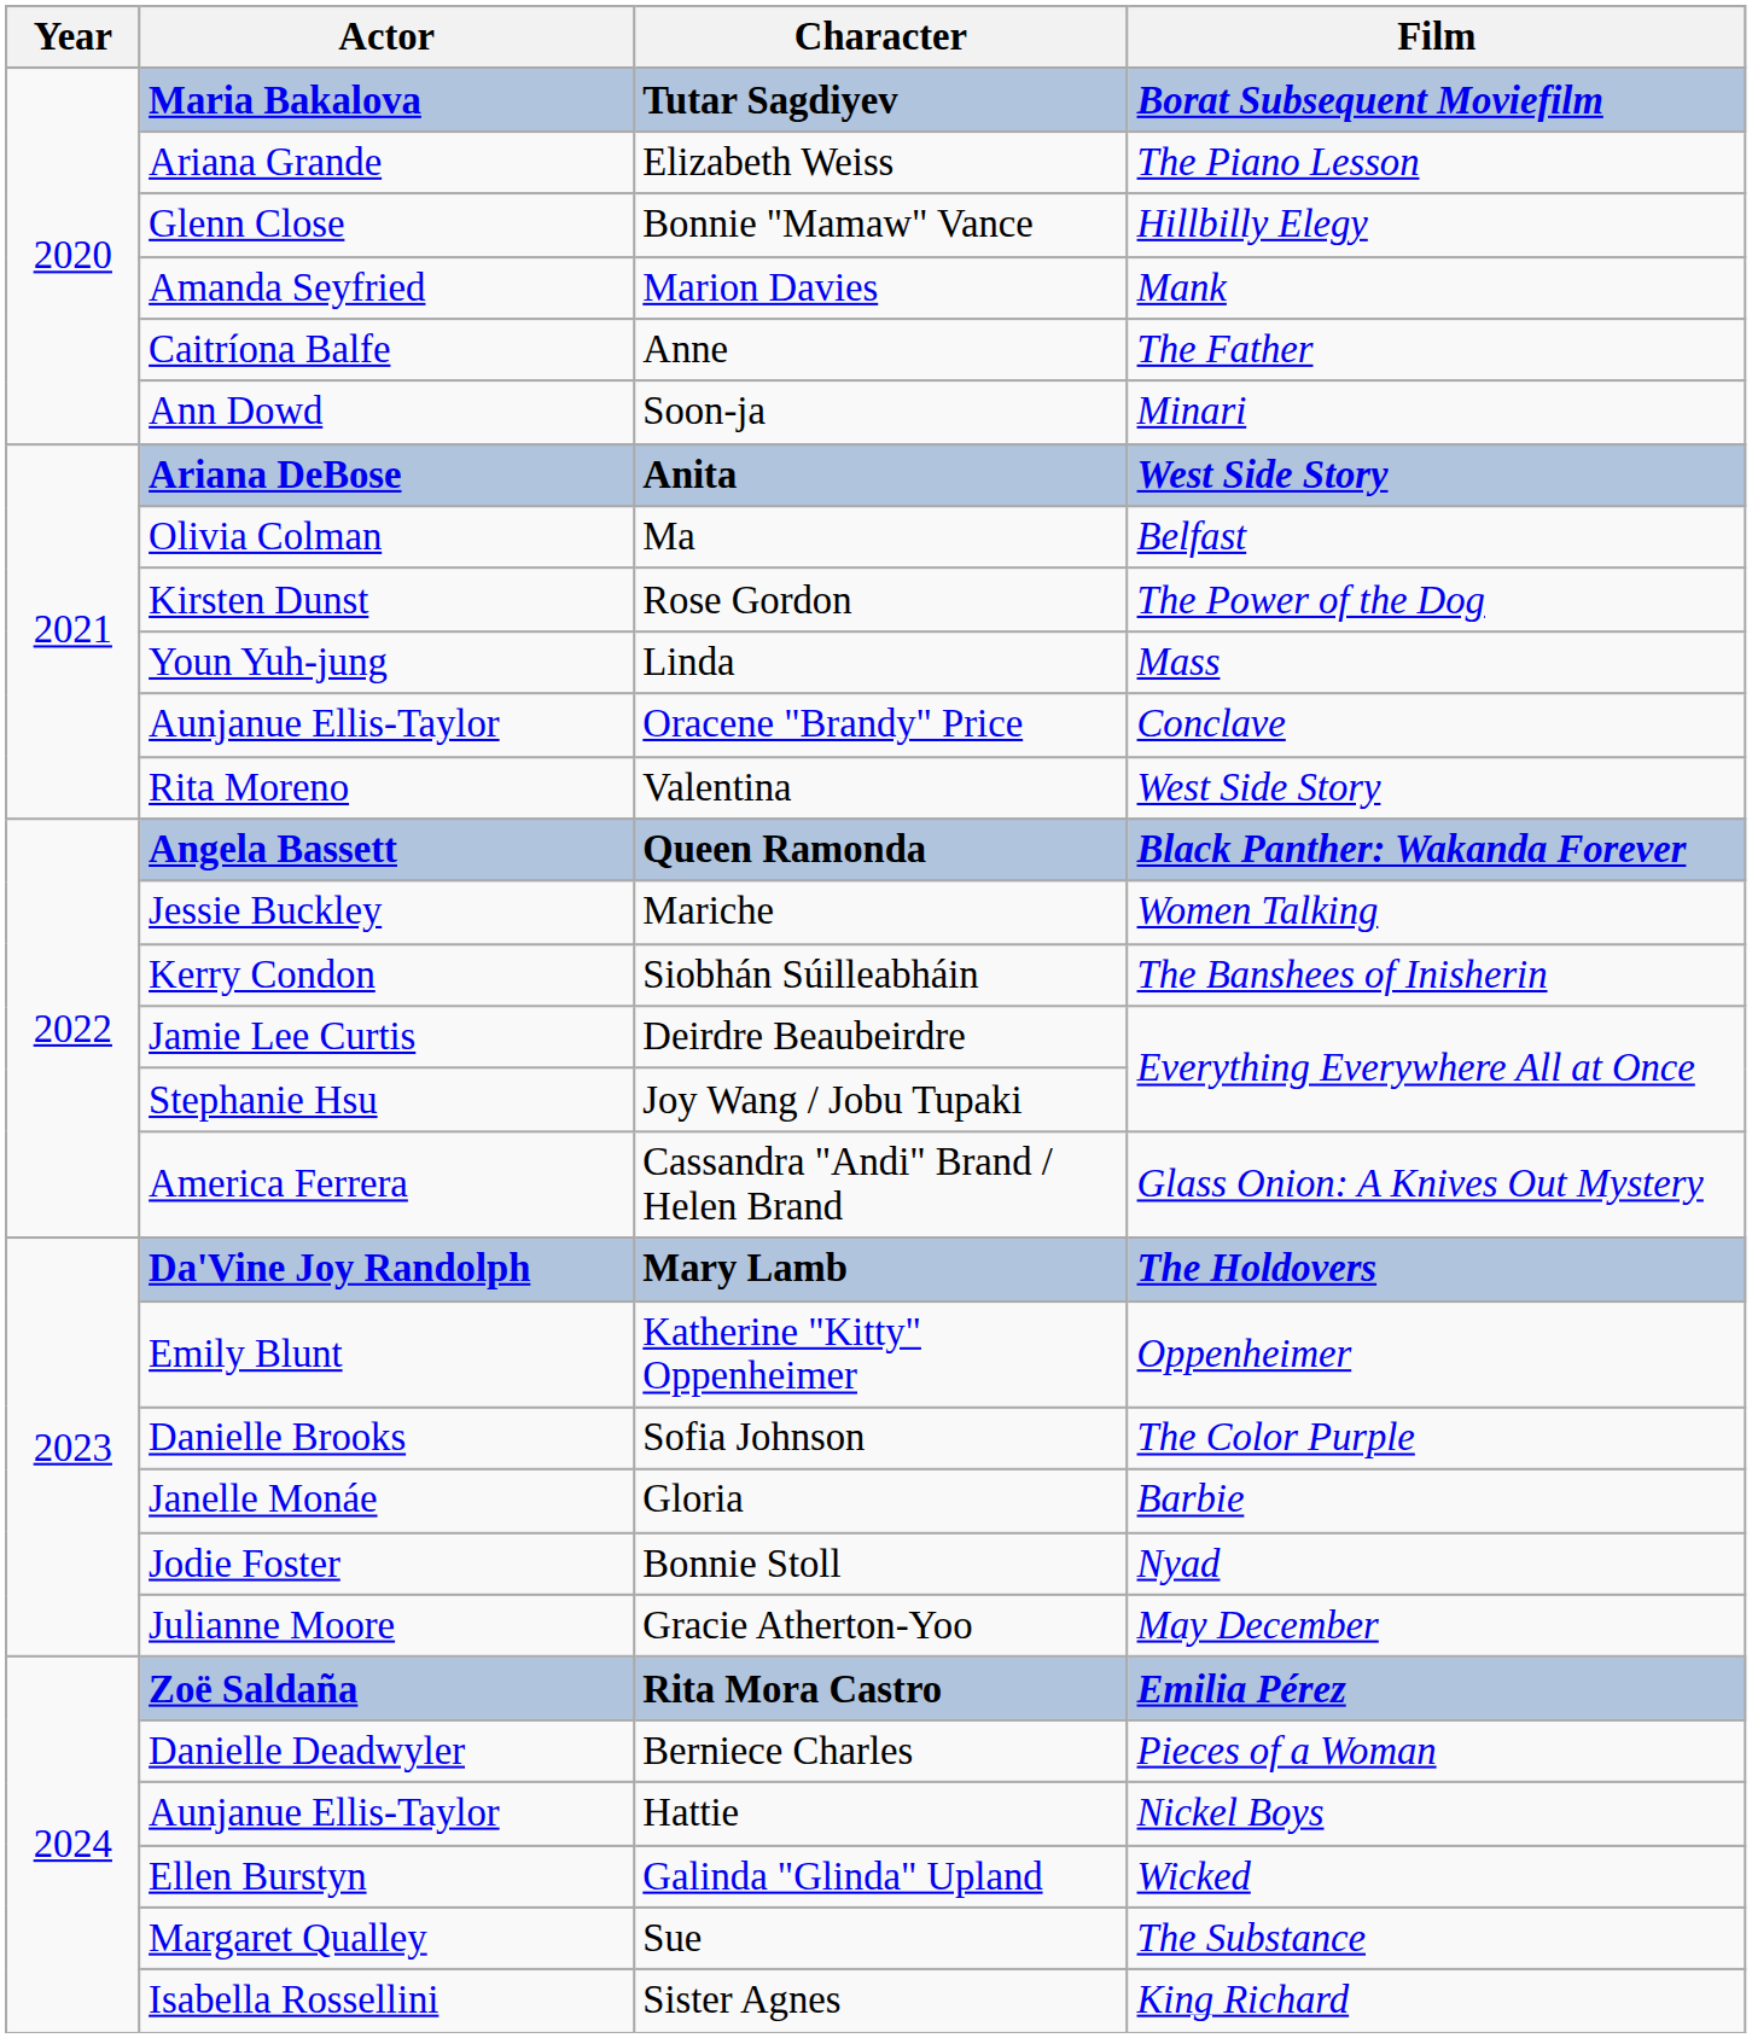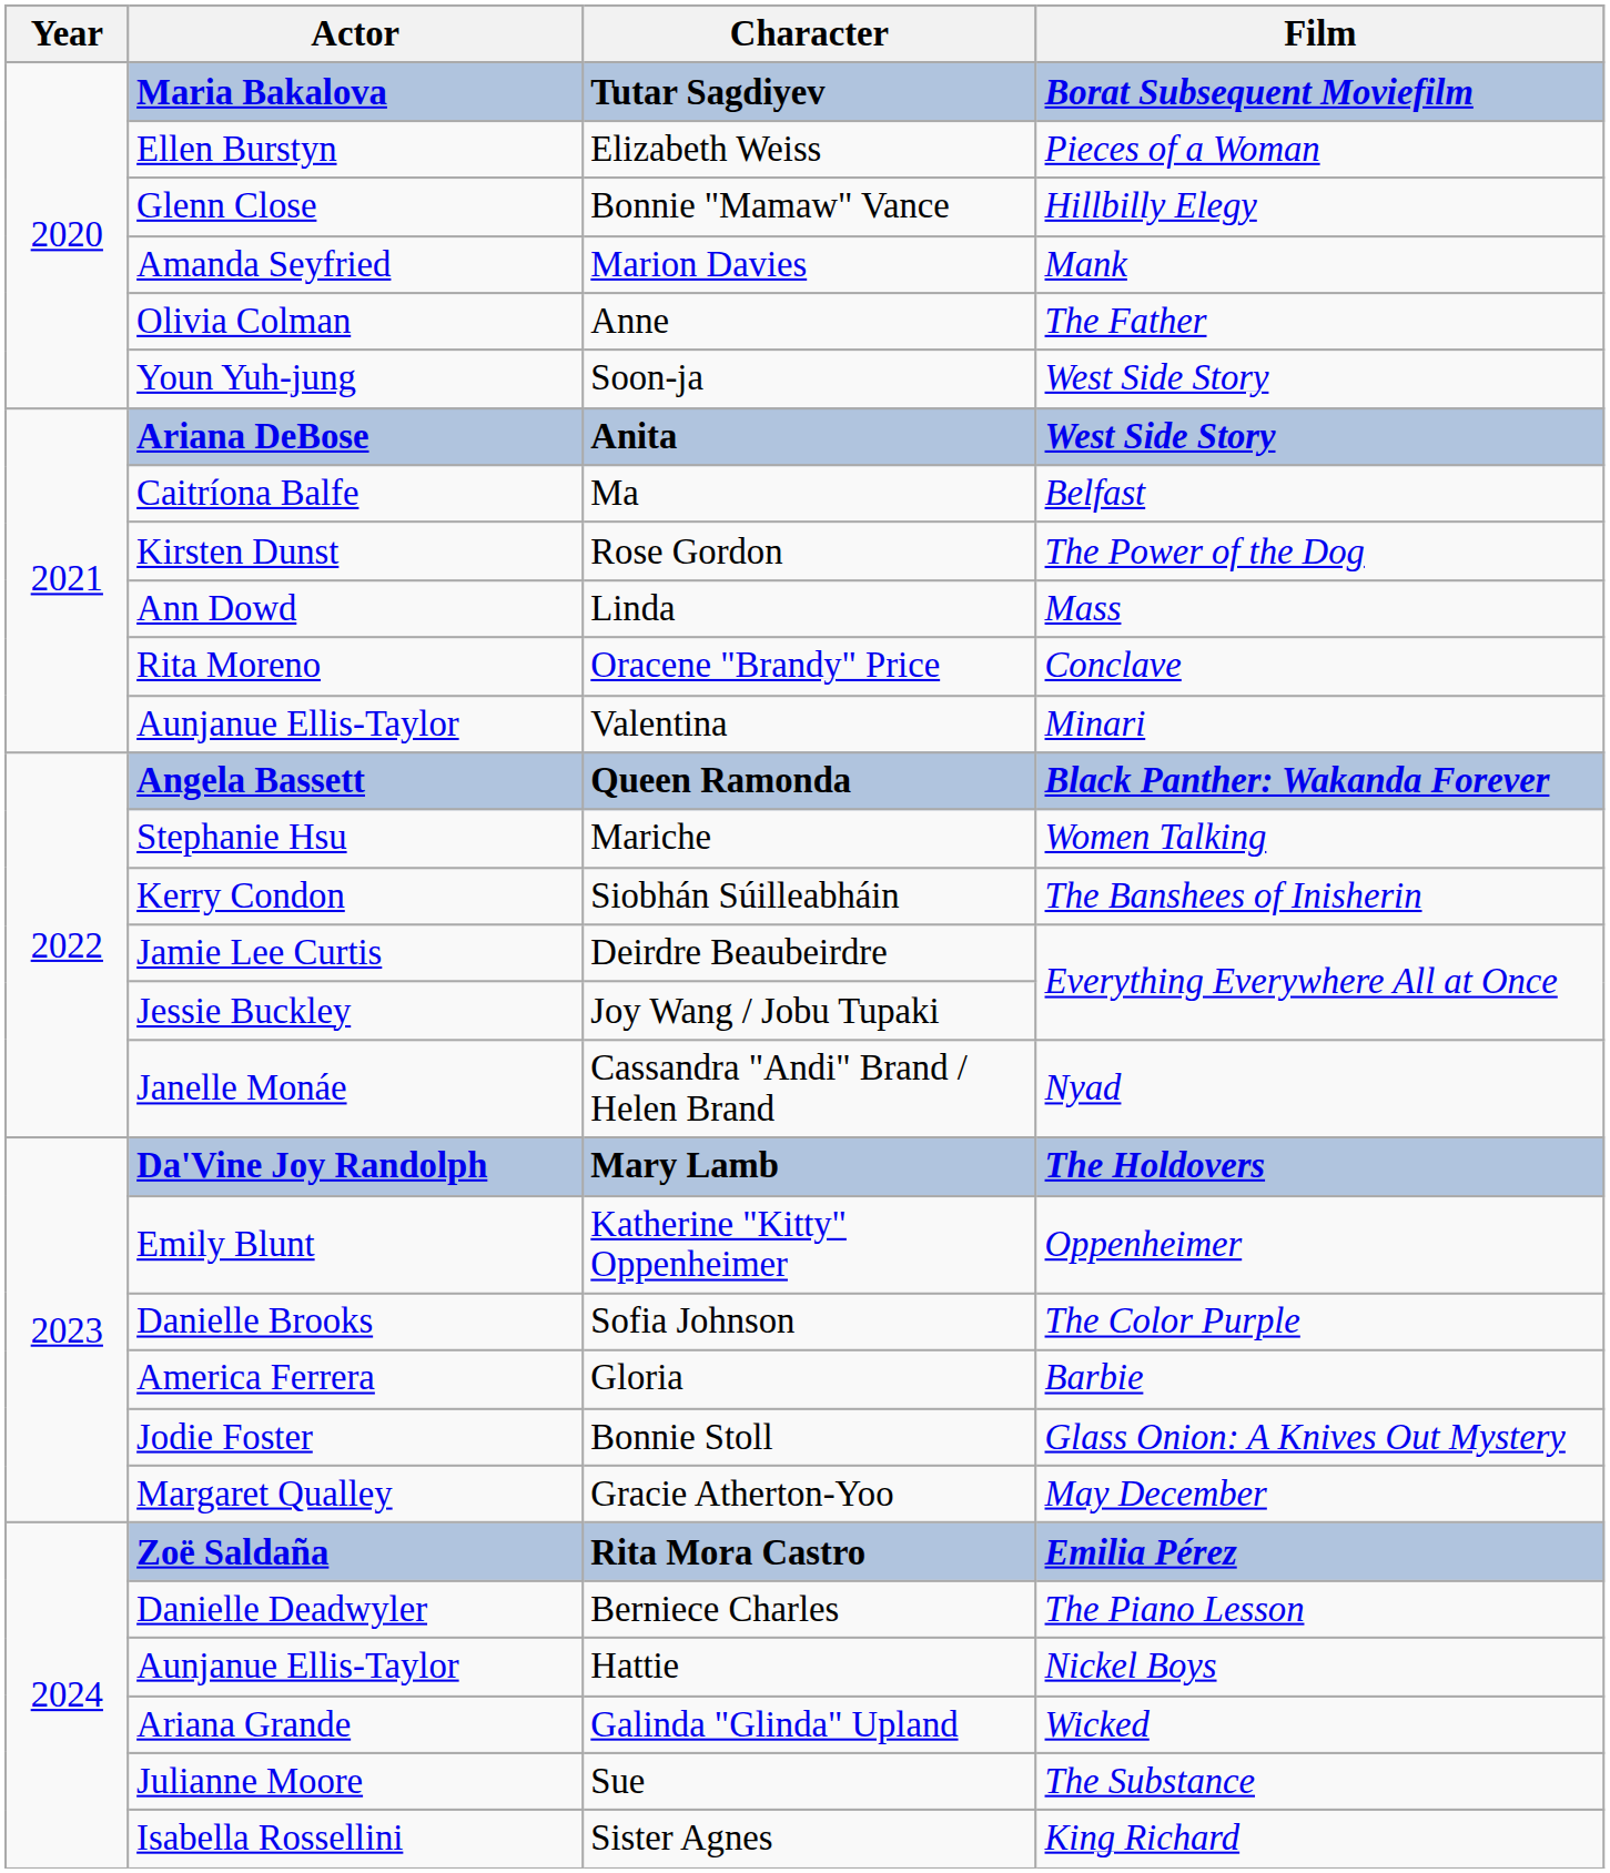 <table class="wikitable" width="80%">
 <tr style="background:#bebebe;">
 <th style="width:5%;">Year</th>
 <th style="width:20%;">Actor</th>
 <th style="width:20%;">Character</th>
 <th style="width:25%;">Film</th>
 </tr>
 <tr>
 <td rowspan="6" style="text-align:center;"><a href='#'>2020</a><br></td>
 <td style="background:#B0C4DE;"><strong><a href='#'>Maria Bakalova</a></strong></td>
 <td style="background:#B0C4DE;"><strong>Tutar Sagdiyev</strong></td>
 <td style="background:#B0C4DE;"><strong><em><a href='#'>Borat Subsequent Moviefilm</a></em></strong></td>
 </tr>
 <tr>
-<td><a href='#'>Ariana Grande</a></td>
+<td><a href='#'>Ellen Burstyn</a></td>
 <td>Elizabeth Weiss</td>
-<td><em><a href='#'>The Piano Lesson</a></em></td>
+<td><em><a href='#'>Pieces of a Woman</a></em></td>
 </tr>
 <tr>
 <td><a href='#'>Glenn Close</a></td>
 <td>Bonnie "Mamaw" Vance</td>
 <td><em><a href='#'>Hillbilly Elegy</a></em></td>
 </tr>
 <tr>
 <td><a href='#'>Amanda Seyfried</a></td>
 <td><a href='#'>Marion Davies</a></td>
 <td><em><a href='#'>Mank</a></em></td>
 </tr>
 <tr>
-<td><a href='#'>Caitríona Balfe</a></td>
+<td><a href='#'>Olivia Colman</a></td>
 <td>Anne</td>
 <td><em><a href='#'>The Father</a></em></td>
 </tr>
 <tr>
-<td><a href='#'>Ann Dowd</a></td>
+<td><a href='#'>Youn Yuh-jung</a></td>
 <td>Soon-ja</td>
-<td><em><a href='#'>Minari</a></em></td>
+<td><em><a href='#'>West Side Story</a></em></td>
 </tr>
 <tr>
 <td rowspan="6" style="text-align:center;"><a href='#'>2021</a><br></td>
 <td style="background:#B0C4DE;"><strong><a href='#'>Ariana DeBose</a></strong></td>
 <td style="background:#B0C4DE;"><strong>Anita</strong></td>
 <td style="background:#B0C4DE;"><strong><em><a href='#'>West Side Story</a></em></strong></td>
 </tr>
 <tr>
-<td><a href='#'>Olivia Colman</a></td>
+<td><a href='#'>Caitríona Balfe</a></td>
 <td>Ma</td>
 <td><em><a href='#'>Belfast</a></em></td>
 </tr>
 <tr>
 <td><a href='#'>Kirsten Dunst</a></td>
 <td>Rose Gordon</td>
 <td><em><a href='#'>The Power of the Dog</a></em></td>
 </tr>
 <tr>
-<td><a href='#'>Youn Yuh-jung</a></td>
+<td><a href='#'>Ann Dowd</a></td>
 <td>Linda</td>
 <td><em><a href='#'>Mass</a></em></td>
 </tr>
 <tr>
-<td><a href='#'>Aunjanue Ellis-Taylor</a></td>
+<td><a href='#'>Rita Moreno</a></td>
 <td><a href='#'>Oracene "Brandy" Price</a></td>
 <td><em><a href='#'>Conclave</a></em></td>
 </tr>
 <tr>
-<td><a href='#'>Rita Moreno</a></td>
+<td><a href='#'>Aunjanue Ellis-Taylor</a></td>
 <td>Valentina</td>
-<td><em><a href='#'>West Side Story</a></em></td>
+<td><em><a href='#'>Minari</a></em></td>
 </tr>
 <tr>
 <td rowspan="6" style="text-align:center;"><a href='#'>2022</a><br></td>
 <td style="background:#B0C4DE;"><strong><a href='#'>Angela Bassett</a></strong></td>
 <td style="background:#B0C4DE;"><strong>Queen Ramonda</strong></td>
 <td style="background:#B0C4DE;"><strong><em><a href='#'>Black Panther: Wakanda Forever</a></em></strong></td>
 </tr>
 <tr>
-<td><a href='#'>Jessie Buckley</a></td>
+<td><a href='#'>Stephanie Hsu</a></td>
 <td>Mariche</td>
 <td><em><a href='#'>Women Talking</a></em></td>
 </tr>
 <tr>
 <td><a href='#'>Kerry Condon</a></td>
 <td>Siobhán Súilleabháin</td>
 <td><em><a href='#'>The Banshees of Inisherin</a></em></td>
 </tr>
 <tr>
 <td><a href='#'>Jamie Lee Curtis</a></td>
 <td>Deirdre Beaubeirdre</td>
 <td rowspan="2"><em><a href='#'>Everything Everywhere All at Once</a></em></td>
 </tr>
 <tr>
-<td><a href='#'>Stephanie Hsu</a></td>
+<td><a href='#'>Jessie Buckley</a></td>
 <td>Joy Wang / Jobu Tupaki</td>
 </tr>
 <tr>
-<td><a href='#'>America Ferrera</a></td>
+<td><a href='#'>Janelle Monáe</a></td>
 <td>Cassandra "Andi" Brand / Helen Brand</td>
-<td><em><a href='#'>Glass Onion: A Knives Out Mystery</a></em></td>
+<td><em><a href='#'>Nyad</a></em></td>
 </tr>
 <tr>
 <td rowspan="6" style="text-align:center;"><a href='#'>2023</a><br></td>
 <td style="background:#B0C4DE;"><strong><a href='#'>Da'Vine Joy Randolph</a></strong></td>
 <td style="background:#B0C4DE;"><strong>Mary Lamb</strong></td>
 <td style="background:#B0C4DE;"><strong><em><a href='#'>The Holdovers</a></em></strong></td>
 </tr>
 <tr>
 <td><a href='#'>Emily Blunt</a></td>
 <td><a href='#'>Katherine "Kitty" Oppenheimer</a></td>
 <td><em><a href='#'>Oppenheimer</a></em></td>
 </tr>
 <tr>
 <td><a href='#'>Danielle Brooks</a></td>
 <td>Sofia Johnson</td>
 <td><em><a href='#'>The Color Purple</a></em></td>
 </tr>
 <tr>
-<td><a href='#'>Janelle Monáe</a></td>
+<td><a href='#'>America Ferrera</a></td>
 <td>Gloria</td>
 <td><em><a href='#'>Barbie</a></em></td>
 </tr>
 <tr>
 <td><a href='#'>Jodie Foster</a></td>
 <td>Bonnie Stoll</td>
-<td><em><a href='#'>Nyad</a></em></td>
+<td><em><a href='#'>Glass Onion: A Knives Out Mystery</a></em></td>
 </tr>
 <tr>
-<td><a href='#'>Julianne Moore</a></td>
+<td><a href='#'>Margaret Qualley</a></td>
 <td>Gracie Atherton-Yoo</td>
 <td><em><a href='#'>May December</a></em></td>
 </tr>
 <tr>
 <td rowspan="6" style="text-align:center;"><a href='#'>2024</a><br></td>
 <td style="background:#B0C4DE;"><strong><a href='#'>Zoë Saldaña</a></strong></td>
 <td style="background:#B0C4DE;"><strong>Rita Mora Castro</strong></td>
 <td style="background:#B0C4DE;"><strong><em><a href='#'>Emilia Pérez</a></em></strong></td>
 </tr>
 <tr>
 <td><a href='#'>Danielle Deadwyler</a></td>
 <td>Berniece Charles</td>
-<td><em><a href='#'>Pieces of a Woman</a></em></td>
+<td><em><a href='#'>The Piano Lesson</a></em></td>
 </tr>
 <tr>
 <td><a href='#'>Aunjanue Ellis-Taylor</a></td>
 <td>Hattie</td>
 <td><em><a href='#'>Nickel Boys</a></em></td>
 </tr>
 <tr>
-<td><a href='#'>Ellen Burstyn</a></td>
+<td><a href='#'>Ariana Grande</a></td>
 <td><a href='#'>Galinda "Glinda" Upland</a></td>
 <td><em><a href='#'>Wicked</a></em></td>
 </tr>
 <tr>
-<td><a href='#'>Margaret Qualley</a></td>
+<td><a href='#'>Julianne Moore</a></td>
 <td>Sue</td>
 <td><em><a href='#'>The Substance</a></em></td>
 </tr>
 <tr>
 <td><a href='#'>Isabella Rossellini</a></td>
 <td>Sister Agnes</td>
 <td><em><a href='#'>King Richard</a></em></td>
 </tr>
 </table>
